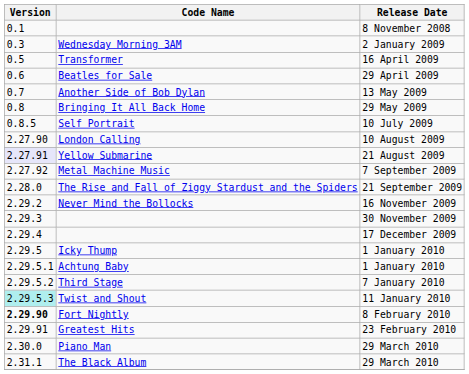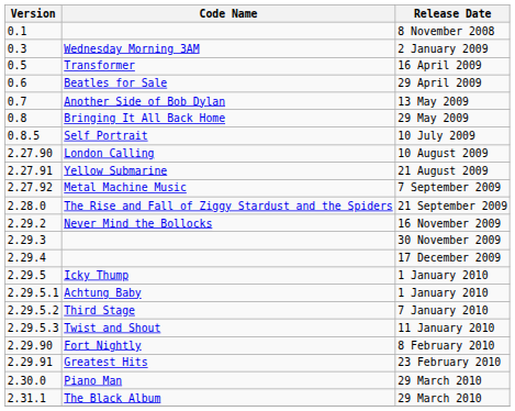 <table class="wikitable">
 <tr>
 <th>Version</th>
 <th>Code Name</th>
 <th>Release Date</th>
 </tr>
 <tr -->
 <td>0.1</td>
 <td></td>
 <td>8 November 2008</td>
 </tr>
 <tr -->
 <td>0.3</td>
 <td><a href='#'>Wednesday Morning 3AM</a></td>
 <td>2 January 2009</td>
 </tr>
 <tr -->
 <td>0.5</td>
 <td><a href='#'>Transformer</a></td>
 <td>16 April 2009</td>
 </tr>
 <tr -->
 <td>0.6</td>
 <td><a href='#'>Beatles for Sale</a></td>
 <td>29 April 2009</td>
 </tr>
 <tr -->
 <td>0.7</td>
 <td><a href='#'>Another Side of Bob Dylan</a></td>
 <td>13 May 2009</td>
 </tr>
 <tr -->
 <td>0.8</td>
 <td><a href='#'>Bringing It All Back Home</a></td>
 <td>29 May 2009</td>
 </tr>
 <tr -->
 <td>0.8.5</td>
 <td><a href='#'>Self Portrait</a></td>
 <td>10 July 2009</td>
 </tr>
 <tr -->
 <td>2.27.90</td>
 <td><a href='#'>London Calling</a></td>
 <td>10 August 2009</td>
 </tr>
 <tr -->
-<td style="background: lavender;">2.27.91</td>
+<td>2.27.91</td>
 <td><a href='#'>Yellow Submarine</a></td>
 <td>21 August 2009</td>
 </tr>
 <tr -->
 <td>2.27.92</td>
 <td><a href='#'>Metal Machine Music</a></td>
 <td>7 September 2009</td>
 </tr>
 <tr -->
 <td>2.28.0</td>
 <td><a href='#'>The Rise and Fall of Ziggy Stardust and the Spiders</a></td>
 <td>21 September 2009</td>
 </tr>
 <tr -->
 <td>2.29.2</td>
 <td><a href='#'>Never Mind the Bollocks</a></td>
 <td>16 November 2009</td>
 </tr>
 <tr -->
 <td>2.29.3</td>
 <td></td>
 <td>30 November 2009</td>
 </tr>
 <tr -->
 <td>2.29.4</td>
 <td></td>
 <td>17 December 2009</td>
 </tr>
 <tr -->
 <td>2.29.5</td>
 <td><a href='#'>Icky Thump</a></td>
 <td>1 January 2010</td>
 </tr>
 <tr -->
 <td>2.29.5.1</td>
 <td><a href='#'>Achtung Baby</a></td>
 <td>1 January 2010</td>
 </tr>
 <tr -->
 <td>2.29.5.2</td>
 <td><a href='#'>Third Stage</a></td>
 <td>7 January 2010</td>
 </tr>
 <tr -->
-<td style="background: paleturquoise;">2.29.5.3</td>
+<td>2.29.5.3</td>
 <td><a href='#'>Twist and Shout</a></td>
 <td>11 January 2010</td>
 </tr>
 <tr -->
-<td><strong>2.29.90</strong></td>
+<td>2.29.90</td>
 <td><a href='#'>Fort Nightly</a></td>
 <td>8 February 2010</td>
 </tr>
 <tr -->
 <td>2.29.91</td>
 <td><a href='#'>Greatest Hits</a></td>
 <td>23 February 2010</td>
 </tr>
 <tr -->
 <td>2.30.0</td>
 <td><a href='#'>Piano Man</a></td>
 <td>29 March 2010</td>
 </tr>
 <tr -->
 <td>2.31.1</td>
 <td><a href='#'>The Black Album</a></td>
 <td>29 March 2010</td>
 </tr>
 <tr -->
 </tr>
 </table>
